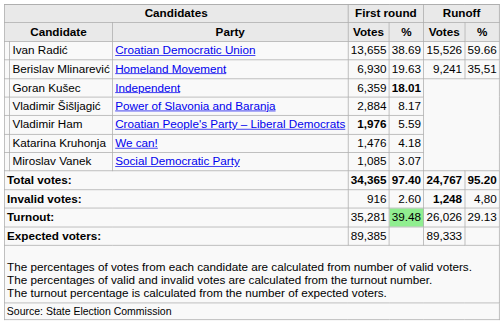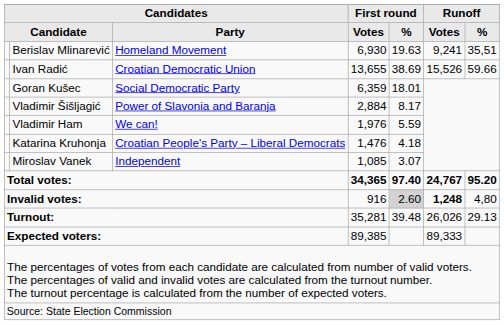 <table class="wikitable" border="1">
 <tr>
 </tr>
 <tr style="background-color:#C9C9C9">
 <th style="background-color:#E9E9E9" align= center colspan="3">Candidates</th>
 <th style="background-color:#E9E9E9" align= center colspan="2">First round</th>
 <th style="background-color:#E9E9E9" align= center colspan="2">Runoff</th>
 </tr>
 <tr>
 <th style="background-color:#E9E9E9" align= center colspan="2">Candidate</th>
 <th style="background-color:#E9E9E9" align= center>Party</th>
 <th style="background-color:#E9E9E9" align= center>Votes</th>
 <th style="background-color:#E9E9E9" align= center>%</th>
 <th style="background-color:#E9E9E9" align= center>Votes</th>
 <th style="background-color:#E9E9E9" align= center>%</th>
 </tr>
 <tr>
 <td></td>
+<td align="left">Berislav Mlinarević</td>
+<td align="left"><a href='#'>Homeland Movement</a></td>
+<td align="right">6,930</td>
+<td align="right">19.63</td>
+<td align="right">9,241</td>
+<td align="right">35,51</td>
+</tr>
+<tr>
+<td></td>
 <td align="left">Ivan Radić</td>
 <td align="left"><a href='#'>Croatian Democratic Union</a></td>
 <td align="right">13,655</td>
 <td align="right">38.69</td>
 <td align="right">15,526</td>
 <td align="right">59.66</td>
 </tr>
 <tr>
 <td></td>
-<td align="left">Berislav Mlinarević</td>
-<td align="left"><a href='#'>Homeland Movement</a></td>
-<td align="right">6,930</td>
-<td align="right">19.63</td>
-<td align="right">9,241</td>
-<td align="right">35,51</td>
-</tr>
-<tr>
-<td></td>
 <td align="left">Goran Kušec</td>
-<td align="left"><a href='#'>Independent</a></td>
+<td align="left"><a href='#'>Social Democratic Party</a></td>
 <td align="right">6,359</td>
-<td align="right"><strong>18.01</strong></td>
+<td align="right">18.01</td>
 </tr>
 <tr>
 <td></td>
 <td align="left">Vladimir Šišljagić</td>
 <td align="left"><a href='#'>Power of Slavonia and Baranja</a></td>
 <td align="right">2,884</td>
 <td align="right">8.17</td>
 </tr>
 <tr>
 <td></td>
 <td align="left">Vladimir Ham</td>
-<td align="left"><a href='#'>Croatian People's Party – Liberal Democrats</a></td>
-<td align="right"><strong>1,976</strong></td>
+<td align="left"><a href='#'>We can!</a></td>
+<td align="right">1,976</td>
 <td align="right">5.59</td>
 </tr>
 <tr>
 <td></td>
 <td align="left">Katarina Kruhonja</td>
-<td align="left"><a href='#'>We can!</a></td>
+<td align="left"><a href='#'>Croatian People's Party – Liberal Democrats</a></td>
 <td align="right">1,476</td>
 <td align="right">4.18</td>
 </tr>
 <tr>
 <td></td>
 <td align="left">Miroslav Vanek</td>
-<td align="left"><a href='#'>Social Democratic Party</a></td>
+<td align="left"><a href='#'>Independent</a></td>
 <td align="right">1,085</td>
 <td align="right">3.07</td>
 </tr>
 <tr>
 <td colspan="3" align="left"><strong>Total votes:</strong></td>
 <td><strong>34,365</strong></td>
 <td><strong>97.40</strong></td>
 <td><strong>24,767</strong></td>
 <td><strong>95.20</strong></td>
 </tr>
 <tr>
 <td colspan="3" align="left"><strong>Invalid votes:</strong></td>
 <td align="right">916</td>
-<td align="right">2.60</td>
+<td align="right" style="background: lightgrey;">2.60</td>
 <td align="right"><strong>1,248</strong></td>
 <td align="right">4,80</td>
 </tr>
 <tr>
 <td colspan="3" align="left"><strong>Turnout:</strong></td>
 <td align="right">35,281</td>
-<td align="right" style="background: lightgreen;">39.48</td>
+<td align="right">39.48</td>
 <td align="right">26,026</td>
 <td align="right">29.13</td>
 </tr>
 <tr>
 <td colspan="3" align="left"><strong>Expected voters:</strong></td>
 <td align="right">89,385</td>
 <td align="right"></td>
 <td align="right">89,333</td>
 <td align="right"></td>
 </tr>
 <tr>
 <td colspan="7" align="left"><br>The percentages of votes from each candidate are calculated from number of valid voters.<br> The percentages of valid and invalid votes are calculated from the turnout number.<br> The turnout percentage is calculated from the number of expected voters.</td>
 </tr>
 <tr>
 <td colspan="7" align="left" style="font-size: 90%">Source: State Election Commission</td>
 </tr>
 </table>
